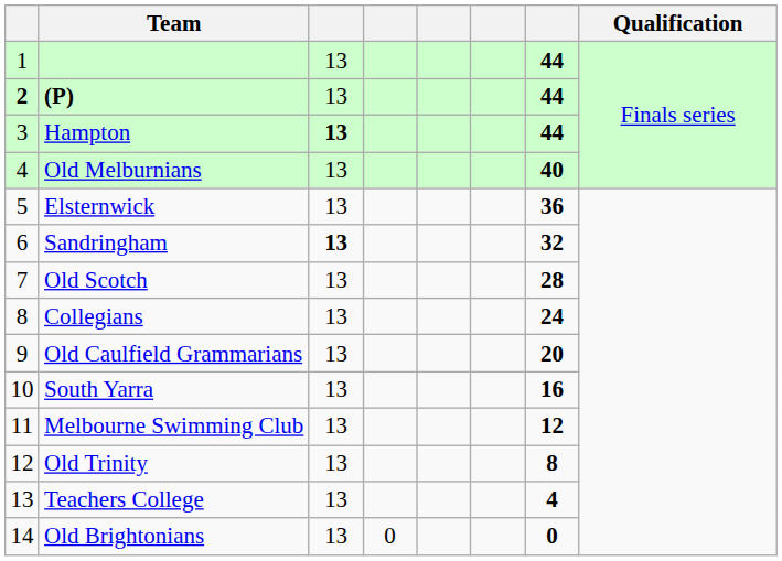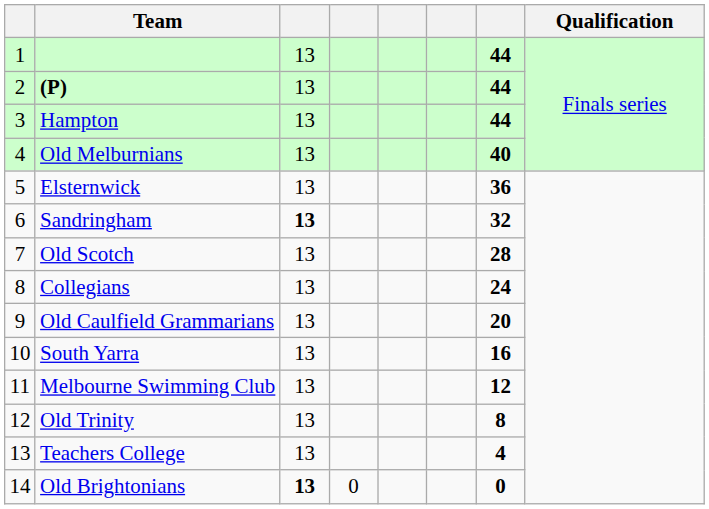 <table class="wikitable" style="text-align:center; margin-bottom:0">
 <tr>
 <th style="width:10px"></th>
 <th style="width:35%;">Team</th>
 <th style="width:30px;"></th>
 <th style="width:30px;"></th>
 <th style="width:30px;"></th>
 <th style="width:30px;"></th>
 <th style="width:30px;"></th>
 <th>Qualification</th>
 </tr>
 <tr style="background:#ccffcc;">
 <td>1</td>
 <td style="text-align:left;"></td>
 <td>13</td>
 <td></td>
 <td></td>
 <td></td>
 <td><strong>44</strong></td>
 <td rowspan=4><a href='#'>Finals series</a></td>
 </tr>
 <tr style="background:#ccffcc;">
-<td><strong>2</strong></td>
+<td>2</td>
 <td style="text-align:left;"> <strong>(P)</strong></td>
 <td>13</td>
 <td></td>
 <td></td>
 <td></td>
 <td><strong>44</strong></td>
 </tr>
 <tr style="background:#ccffcc;">
 <td>3</td>
 <td style="text-align:left;"><a href='#'>Hampton</a></td>
-<td><strong>13</strong></td>
+<td>13</td>
 <td></td>
 <td></td>
 <td></td>
 <td><strong>44</strong></td>
 </tr>
 <tr style="background:#ccffcc;">
 <td>4</td>
 <td style="text-align:left;"><a href='#'>Old Melburnians</a></td>
 <td>13</td>
 <td></td>
 <td></td>
 <td></td>
 <td><strong>40</strong></td>
 </tr>
 <tr>
 <td>5</td>
 <td style="text-align:left;"><a href='#'>Elsternwick</a></td>
 <td>13</td>
 <td></td>
 <td></td>
 <td></td>
 <td><strong>36</strong></td>
 </tr>
 <tr>
 <td>6</td>
 <td style="text-align:left;"><a href='#'>Sandringham</a></td>
 <td><strong>13</strong></td>
 <td></td>
 <td></td>
 <td></td>
 <td><strong>32</strong></td>
 </tr>
 <tr>
 <td>7</td>
 <td style="text-align:left;"><a href='#'>Old Scotch</a></td>
 <td>13</td>
 <td></td>
 <td></td>
 <td></td>
 <td><strong>28</strong></td>
 </tr>
 <tr>
 <td>8</td>
 <td style="text-align:left;"><a href='#'>Collegians</a></td>
 <td>13</td>
 <td></td>
 <td></td>
 <td></td>
 <td><strong>24</strong></td>
 </tr>
 <tr>
 <td>9</td>
 <td style="text-align:left;"><a href='#'>Old Caulfield Grammarians</a></td>
 <td>13</td>
 <td></td>
 <td></td>
 <td></td>
 <td><strong>20</strong></td>
 </tr>
 <tr>
 <td>10</td>
 <td style="text-align:left;"><a href='#'>South Yarra</a></td>
 <td>13</td>
 <td></td>
 <td></td>
 <td></td>
 <td><strong>16</strong></td>
 </tr>
 <tr>
 <td>11</td>
 <td style="text-align:left;"><a href='#'>Melbourne Swimming Club</a></td>
 <td>13</td>
 <td></td>
 <td></td>
 <td></td>
 <td><strong>12</strong></td>
 </tr>
 <tr>
 <td>12</td>
 <td style="text-align:left;"><a href='#'>Old Trinity</a></td>
 <td>13</td>
 <td></td>
 <td></td>
 <td></td>
 <td><strong>8</strong></td>
 </tr>
 <tr>
 <td>13</td>
 <td style="text-align:left;"><a href='#'>Teachers College</a></td>
 <td>13</td>
 <td></td>
 <td></td>
 <td></td>
 <td><strong>4</strong></td>
 </tr>
 <tr>
 <td>14</td>
 <td style="text-align:left;"><a href='#'>Old Brightonians</a></td>
-<td>13</td>
+<td><strong>13</strong></td>
 <td>0</td>
 <td></td>
 <td></td>
 <td><strong>0</strong></td>
 </tr>
 </table>
